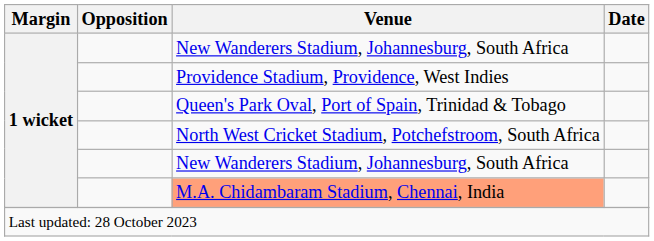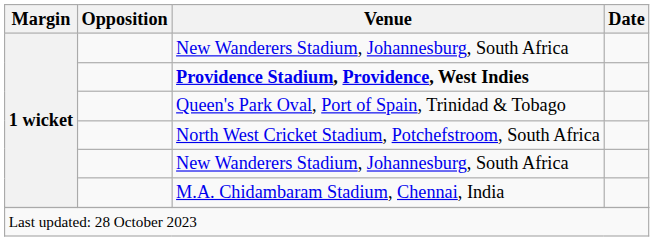 <table class="wikitable plainrowheaders sortable">
 <tr>
 <th scope=col>Margin</th>
 <th scope=col>Opposition</th>
 <th scope=col>Venue</th>
 <th scope=col>Date</th>
 </tr>
 <tr>
 <th scope=row style=text-align:center; rowspan=6><strong>1 wicket</strong></th>
 <td></td>
 <td><a href='#'>New Wanderers Stadium</a>, <a href='#'>Johannesburg</a>, South Africa</td>
 <td></td>
 </tr>
 <tr>
 <td></td>
-<td><a href='#'>Providence Stadium</a>, <a href='#'>Providence</a>, West Indies</td>
+<td><strong><a href='#'>Providence Stadium</a>, <a href='#'>Providence</a>, West Indies</strong></td>
 <td> </td>
 </tr>
 <tr>
 <td></td>
 <td><a href='#'>Queen's Park Oval</a>, <a href='#'>Port of Spain</a>, Trinidad & Tobago</td>
 <td></td>
 </tr>
 <tr>
 <td></td>
 <td><a href='#'>North West Cricket Stadium</a>, <a href='#'>Potchefstroom</a>, South Africa</td>
 <td></td>
 </tr>
 <tr>
 <td></td>
 <td><a href='#'>New Wanderers Stadium</a>, <a href='#'>Johannesburg</a>, South Africa</td>
 <td></td>
 </tr>
 <tr>
 <td></td>
-<td style="background: lightsalmon;"><a href='#'>M.A. Chidambaram Stadium</a>, <a href='#'>Chennai</a>, India</td>
+<td><a href='#'>M.A. Chidambaram Stadium</a>, <a href='#'>Chennai</a>, India</td>
 <td> </td>
 </tr>
 <tr>
 </tr>
 <tr class=sortbottom>
 <td colspan="5"><small>Last updated: 28 October 2023</small></td>
 </tr>
 </table>
